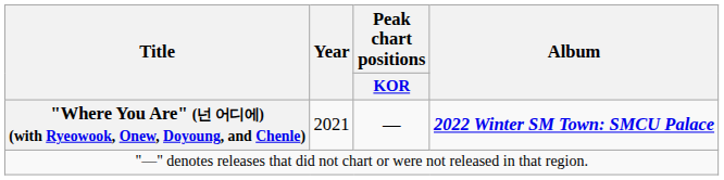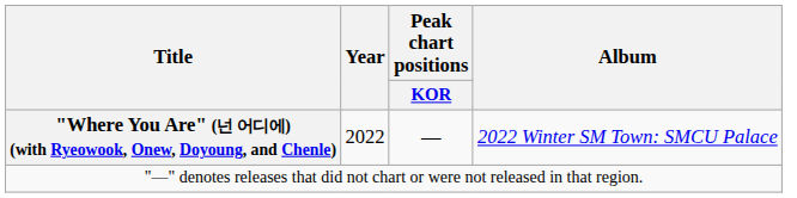 <table class="wikitable plainrowheaders" style="text-align:center;">
 <tr>
 <th scope="col" rowspan="2">Title</th>
 <th scope="col" rowspan="2">Year</th>
 <th scope="col">Peak chart<br>positions</th>
 <th scope="col" rowspan="2">Album</th>
 </tr>
 <tr>
 <th scope="col" style="font-size:90%; width:2.75em"><a href='#'>KOR</a></th>
 </tr>
 <tr>
 <th scope="row">"Where You Are" <small>(넌 어디에)</small><br><small>(with <a href='#'>Ryeowook</a>, <a href='#'>Onew</a>, <a href='#'>Doyoung</a>, and <a href='#'>Chenle</a>)</small></th>
-<td>2021</td>
+<td>2022</td>
 <td>—</td>
-<td><strong><em><a href='#'>2022 Winter SM Town: SMCU Palace</a></em></strong></td>
+<td><em><a href='#'>2022 Winter SM Town: SMCU Palace</a></em></td>
 </tr>
 <tr>
 <td colspan="4" style="text-align:center; font-size:85%">"—" denotes releases that did not chart or were not released in that region.</td>
 </tr>
 </table>
